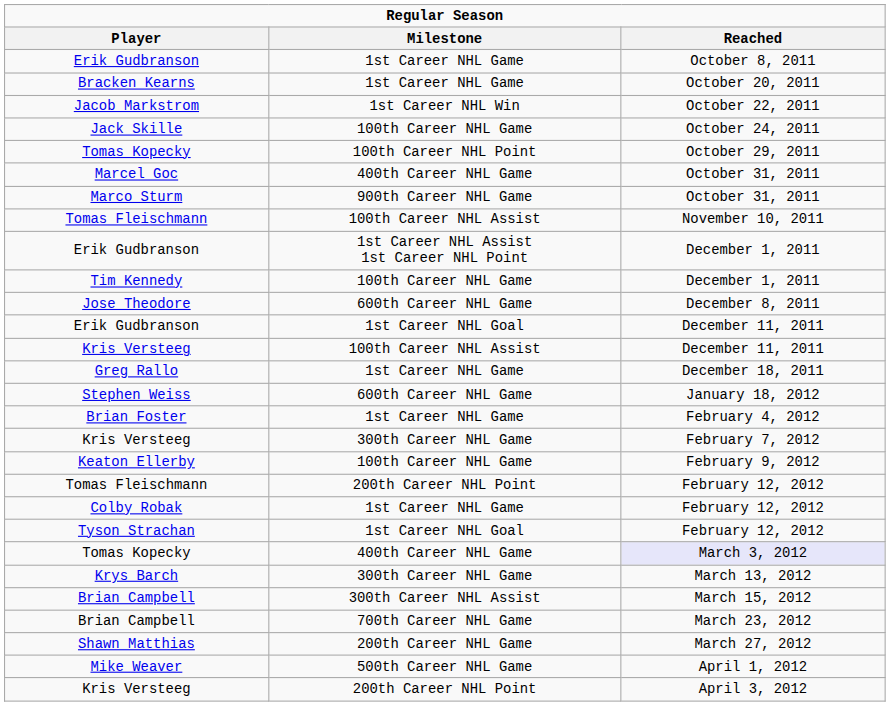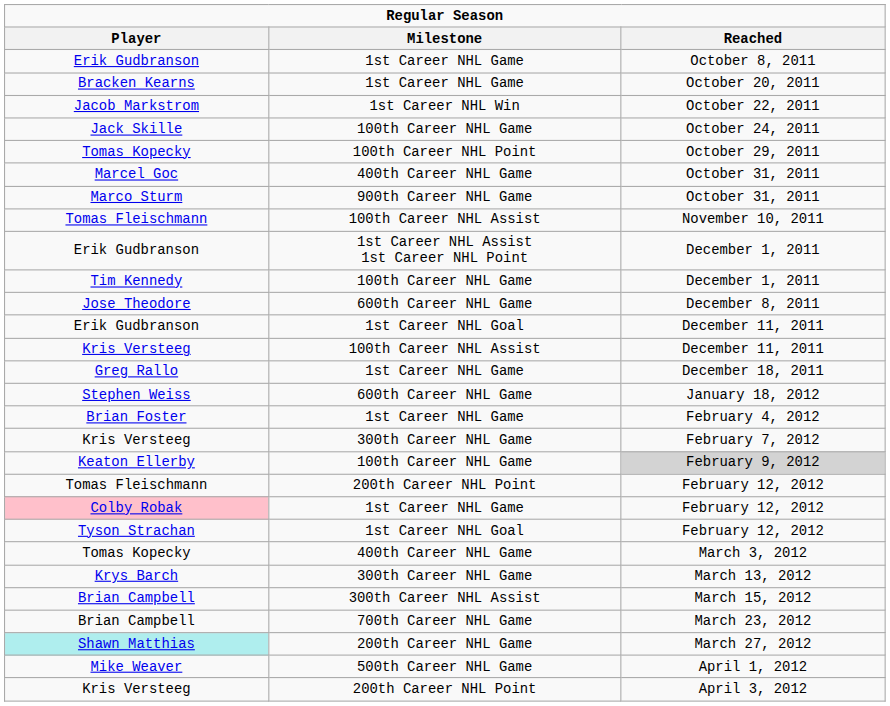 <table class="wikitable" width="52%" style="text-align:center">
 <tr>
 <td colspan="10" align="center"><strong>Regular Season</strong></td>
 </tr>
 <tr>
 <th>Player</th>
 <th>Milestone</th>
 <th>Reached</th>
 </tr>
 <tr>
 <td><a href='#'>Erik Gudbranson</a></td>
 <td>1st Career NHL Game</td>
 <td>October 8, 2011</td>
 </tr>
 <tr>
 <td><a href='#'>Bracken Kearns</a></td>
 <td>1st Career NHL Game</td>
 <td>October 20, 2011</td>
 </tr>
 <tr>
 <td><a href='#'>Jacob Markstrom</a></td>
 <td>1st Career NHL Win</td>
 <td>October 22, 2011</td>
 </tr>
 <tr>
 <td><a href='#'>Jack Skille</a></td>
 <td>100th Career NHL Game</td>
 <td>October 24, 2011</td>
 </tr>
 <tr>
 <td><a href='#'>Tomas Kopecky</a></td>
 <td>100th Career NHL Point</td>
 <td>October 29, 2011</td>
 </tr>
 <tr>
 <td><a href='#'>Marcel Goc</a></td>
 <td>400th Career NHL Game</td>
 <td>October 31, 2011</td>
 </tr>
 <tr>
 <td><a href='#'>Marco Sturm</a></td>
 <td>900th Career NHL Game</td>
 <td>October 31, 2011</td>
 </tr>
 <tr>
 <td><a href='#'>Tomas Fleischmann</a></td>
 <td>100th Career NHL Assist</td>
 <td>November 10, 2011</td>
 </tr>
 <tr>
 <td>Erik Gudbranson</td>
 <td>1st Career NHL Assist<br>1st Career NHL Point</td>
 <td>December 1, 2011</td>
 </tr>
 <tr>
 <td><a href='#'>Tim Kennedy</a></td>
 <td>100th Career NHL Game</td>
 <td>December 1, 2011</td>
 </tr>
 <tr>
 <td><a href='#'>Jose Theodore</a></td>
 <td>600th Career NHL Game</td>
 <td>December 8, 2011</td>
 </tr>
 <tr>
 <td>Erik Gudbranson</td>
 <td>1st Career NHL Goal</td>
 <td>December 11, 2011</td>
 </tr>
 <tr>
 <td><a href='#'>Kris Versteeg</a></td>
 <td>100th Career NHL Assist</td>
 <td>December 11, 2011</td>
 </tr>
 <tr>
 <td><a href='#'>Greg Rallo</a></td>
 <td>1st Career NHL Game</td>
 <td>December 18, 2011</td>
 </tr>
 <tr>
 <td><a href='#'>Stephen Weiss</a></td>
 <td>600th Career NHL Game</td>
 <td>January 18, 2012</td>
 </tr>
 <tr>
 <td><a href='#'>Brian Foster</a></td>
 <td>1st Career NHL Game</td>
 <td>February 4, 2012</td>
 </tr>
 <tr>
 <td>Kris Versteeg</td>
 <td>300th Career NHL Game</td>
 <td>February 7, 2012</td>
 </tr>
 <tr>
 <td><a href='#'>Keaton Ellerby</a></td>
 <td>100th Career NHL Game</td>
-<td>February 9, 2012</td>
+<td style="background: lightgrey;">February 9, 2012</td>
 </tr>
 <tr>
 <td>Tomas Fleischmann</td>
 <td>200th Career NHL Point</td>
 <td>February 12, 2012</td>
 </tr>
 <tr>
-<td><a href='#'>Colby Robak</a></td>
+<td style="background: pink;"><a href='#'>Colby Robak</a></td>
 <td>1st Career NHL Game</td>
 <td>February 12, 2012</td>
 </tr>
 <tr>
 <td><a href='#'>Tyson Strachan</a></td>
 <td>1st Career NHL Goal</td>
 <td>February 12, 2012</td>
 </tr>
 <tr>
 <td>Tomas Kopecky</td>
 <td>400th Career NHL Game</td>
-<td style="background: lavender;">March 3, 2012</td>
+<td>March 3, 2012</td>
 </tr>
 <tr>
 <td><a href='#'>Krys Barch</a></td>
 <td>300th Career NHL Game</td>
 <td>March 13, 2012</td>
 </tr>
 <tr>
 <td><a href='#'>Brian Campbell</a></td>
 <td>300th Career NHL Assist</td>
 <td>March 15, 2012</td>
 </tr>
 <tr>
 <td>Brian Campbell</td>
 <td>700th Career NHL Game</td>
 <td>March 23, 2012</td>
 </tr>
 <tr>
-<td><a href='#'>Shawn Matthias</a></td>
+<td style="background: paleturquoise;"><a href='#'>Shawn Matthias</a></td>
 <td>200th Career NHL Game</td>
 <td>March 27, 2012</td>
 </tr>
 <tr>
 <td><a href='#'>Mike Weaver</a></td>
 <td>500th Career NHL Game</td>
 <td>April 1, 2012</td>
 </tr>
 <tr>
 <td>Kris Versteeg</td>
 <td>200th Career NHL Point</td>
 <td>April 3, 2012</td>
 </tr>
 </table>
